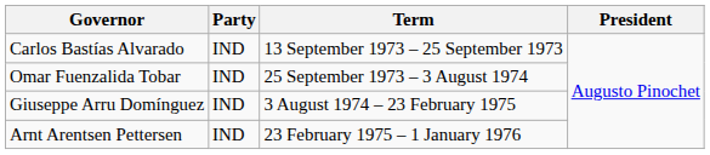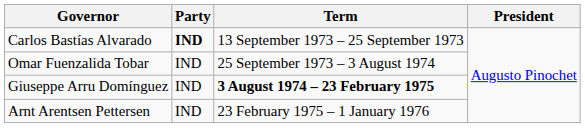 <table class="wikitable" border="1" align="center">
 <tr>
 <th>Governor</th>
 <th>Party</th>
 <th>Term</th>
 <th>President</th>
 </tr>
 <tr>
 <td>Carlos Bastías Alvarado</td>
-<td>IND</td>
+<td><strong>IND</strong></td>
 <td>13 September 1973 – 25 September 1973</td>
 <td rowspan="4"><a href='#'>Augusto Pinochet</a></td>
 </tr>
 <tr>
 <td>Omar Fuenzalida Tobar</td>
 <td>IND</td>
 <td>25 September 1973 – 3 August 1974</td>
 </tr>
 <tr>
 <td>Giuseppe Arru Domínguez</td>
 <td>IND</td>
-<td>3 August 1974 – 23 February 1975</td>
+<td><strong>3 August 1974 – 23 February 1975</strong></td>
 </tr>
 <tr>
 <td>Arnt Arentsen Pettersen</td>
 <td>IND</td>
 <td>23 February 1975 – 1 January 1976</td>
 </tr>
 </table>
